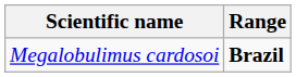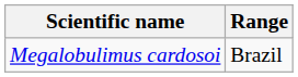 <table class="wikitable sortable">
 <tr>
 <th>Scientific name</th>
 <th>Range</th>
 </tr>
 <tr>
 <td><em><a href='#'>Megalobulimus cardosoi</a></em></td>
-<td><strong>Brazil</strong></td>
+<td>Brazil</td>
 </tr>
 </table>
